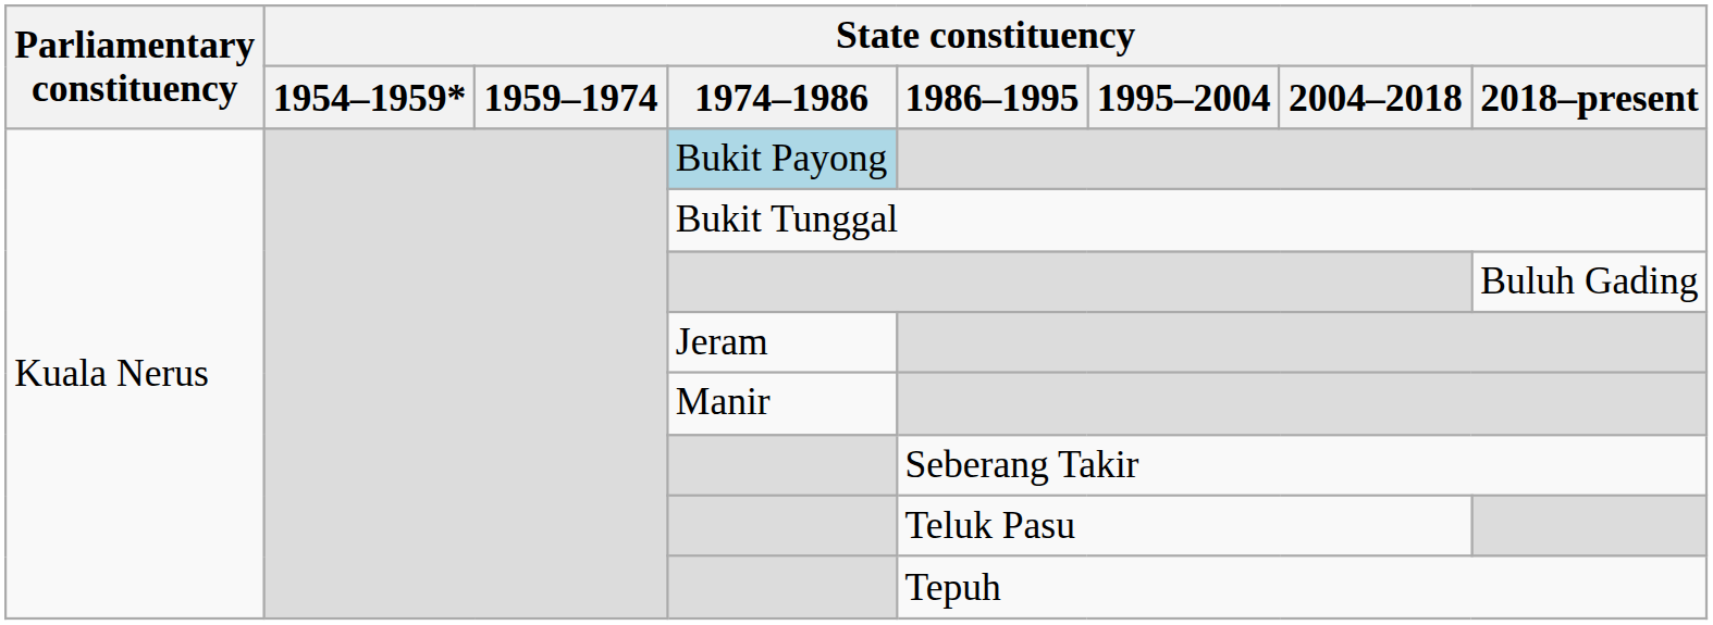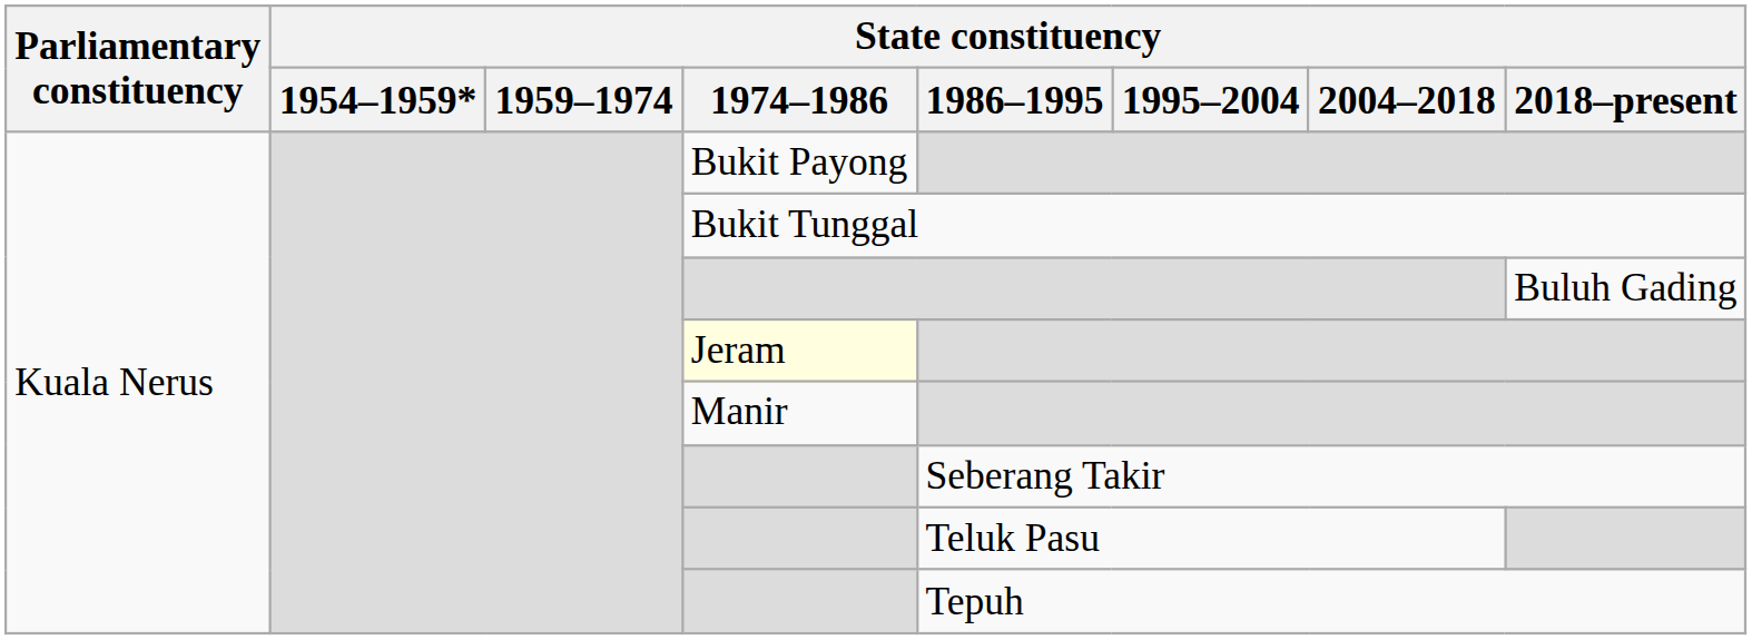 <table class="wikitable">
 <tr>
 <th rowspan="2">Parliamentary<br>constituency</th>
 <th colspan="7">State constituency</th>
 </tr>
 <tr>
 <th>1954–1959*</th>
 <th>1959–1974</th>
 <th>1974–1986</th>
 <th>1986–1995</th>
 <th>1995–2004</th>
 <th>2004–2018</th>
 <th>2018–present</th>
 </tr>
 <tr>
 <td rowspan="8">Kuala Nerus</td>
 <td colspan="2" rowspan="8" bgcolor="dcdcdc"></td>
-<td style="background: lightblue;">Bukit Payong</td>
+<td>Bukit Payong</td>
 <td colspan="4" bgcolor="dcdcdc"></td>
 </tr>
 <tr>
 <td colspan="5">Bukit Tunggal</td>
 </tr>
 <tr>
 <td colspan="4" bgcolor="dcdcdc"></td>
 <td>Buluh Gading</td>
 </tr>
 <tr>
-<td>Jeram</td>
+<td style="background: lightyellow;">Jeram</td>
 <td colspan="4" bgcolor="dcdcdc"></td>
 </tr>
 <tr>
 <td>Manir</td>
 <td colspan="4" bgcolor="dcdcdc"></td>
 </tr>
 <tr>
 <td bgcolor="dcdcdc"></td>
 <td colspan="4">Seberang Takir</td>
 </tr>
 <tr>
 <td bgcolor="dcdcdc"></td>
 <td colspan="3">Teluk Pasu</td>
 <td bgcolor="dcdcdc"></td>
 </tr>
 <tr>
 <td bgcolor="dcdcdc"></td>
 <td colspan="4">Tepuh</td>
 </tr>
 </table>
